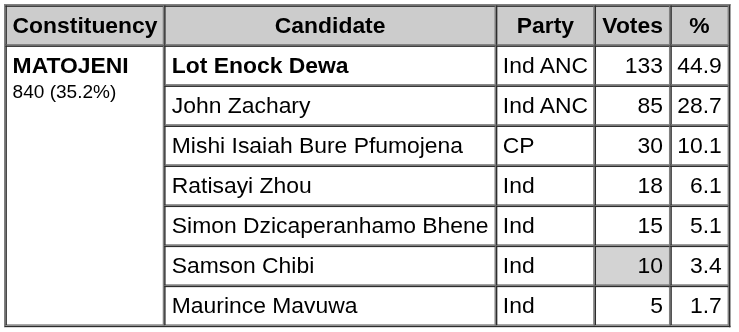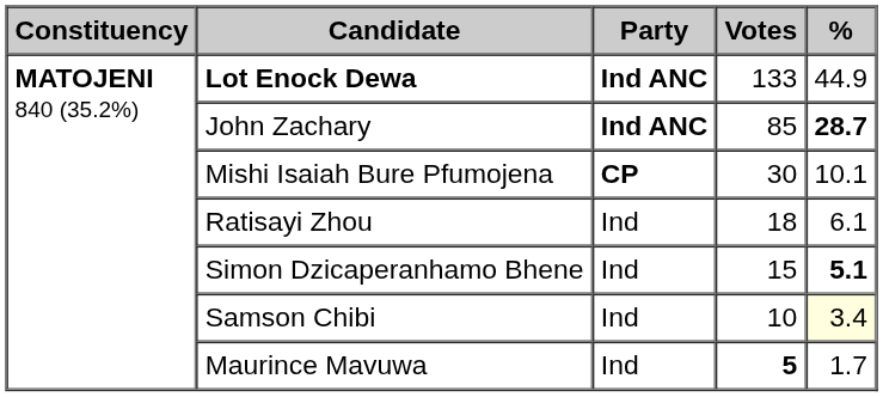 <table class="sortable" border="1" cellpadding="4" cellspacing="0" style="border-collapse: collapse border-color: #444444">
 <tr bgcolor="CCCCCC">
 <th align="left">Constituency</th>
 <th align="center" valign="top">Candidate</th>
 <th align="center" valign="top">Party</th>
 <th align="center" valign="top">Votes</th>
 <th align="center" valign="top">%</th>
 </tr>
 <tr>
 <td valign="top" rowspan="7"><strong>MATOJENI</strong><br><small>840 (35.2%)</small></td>
 <td align="left"><strong>Lot Enock Dewa</strong></td>
-<td align="left">Ind ANC</td>
+<td align="left"><strong>Ind ANC</strong></td>
 <td align="right">133</td>
 <td align="right">44.9</td>
 </tr>
 <tr>
 <td align="left">John Zachary</td>
-<td align="left">Ind ANC</td>
+<td align="left"><strong>Ind ANC</strong></td>
 <td align="right">85</td>
-<td align="right">28.7</td>
+<td align="right"><strong>28.7</strong></td>
 </tr>
 <tr>
 <td align="left">Mishi Isaiah Bure Pfumojena</td>
-<td align="left">CP</td>
+<td align="left"><strong>CP</strong></td>
 <td align="right">30</td>
 <td align="right">10.1</td>
 </tr>
 <tr>
 <td align="left">Ratisayi Zhou</td>
 <td align="left">Ind</td>
 <td align="right">18</td>
 <td align="right">6.1</td>
 </tr>
 <tr>
 <td align="left">Simon Dzicaperanhamo Bhene</td>
 <td align="left">Ind</td>
 <td align="right">15</td>
-<td align="right">5.1</td>
+<td align="right"><strong>5.1</strong></td>
 </tr>
 <tr>
 <td align="left">Samson Chibi</td>
 <td align="left">Ind</td>
-<td align="right" style="background: lightgrey;">10</td>
-<td align="right">3.4</td>
+<td align="right">10</td>
+<td align="right" style="background: lightyellow;">3.4</td>
 </tr>
 <tr>
 <td align="left">Maurince Mavuwa</td>
 <td align="left">Ind</td>
-<td align="right">5</td>
+<td align="right"><strong>5</strong></td>
 <td align="right">1.7</td>
 </tr>
 </table>
